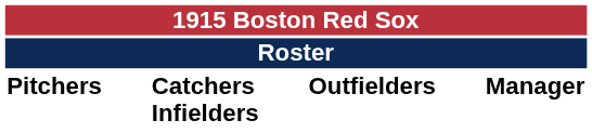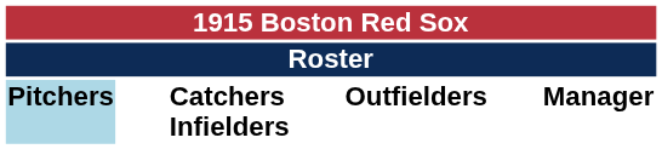 <table class="toccolours" style="text-align: left;">
 <tr>
 <th colspan="10" style="background-color: #ba313c; color: white; text-align: center;">1915 Boston Red Sox</th>
 </tr>
 <tr>
 <td colspan="10" style="background-color: #0d2b56; color: white; text-align: center;"><strong>Roster</strong></td>
 </tr>
 <tr>
-<td valign="top"><strong>Pitchers</strong><br>          </td>
+<td valign="top" style="background: lightblue;"><strong>Pitchers</strong><br>          </td>
 <td width="25px"></td>
 <td valign="top"><strong>Catchers</strong><br>    <strong>Infielders</strong>          </td>
 <td width="25px"></td>
 <td valign="top"><strong>Outfielders</strong><br>      </td>
 <td width="25px"></td>
 <td valign="top"><strong>Manager</strong><br></td>
 </tr>
 <tr>
 </tr>
 </table>
